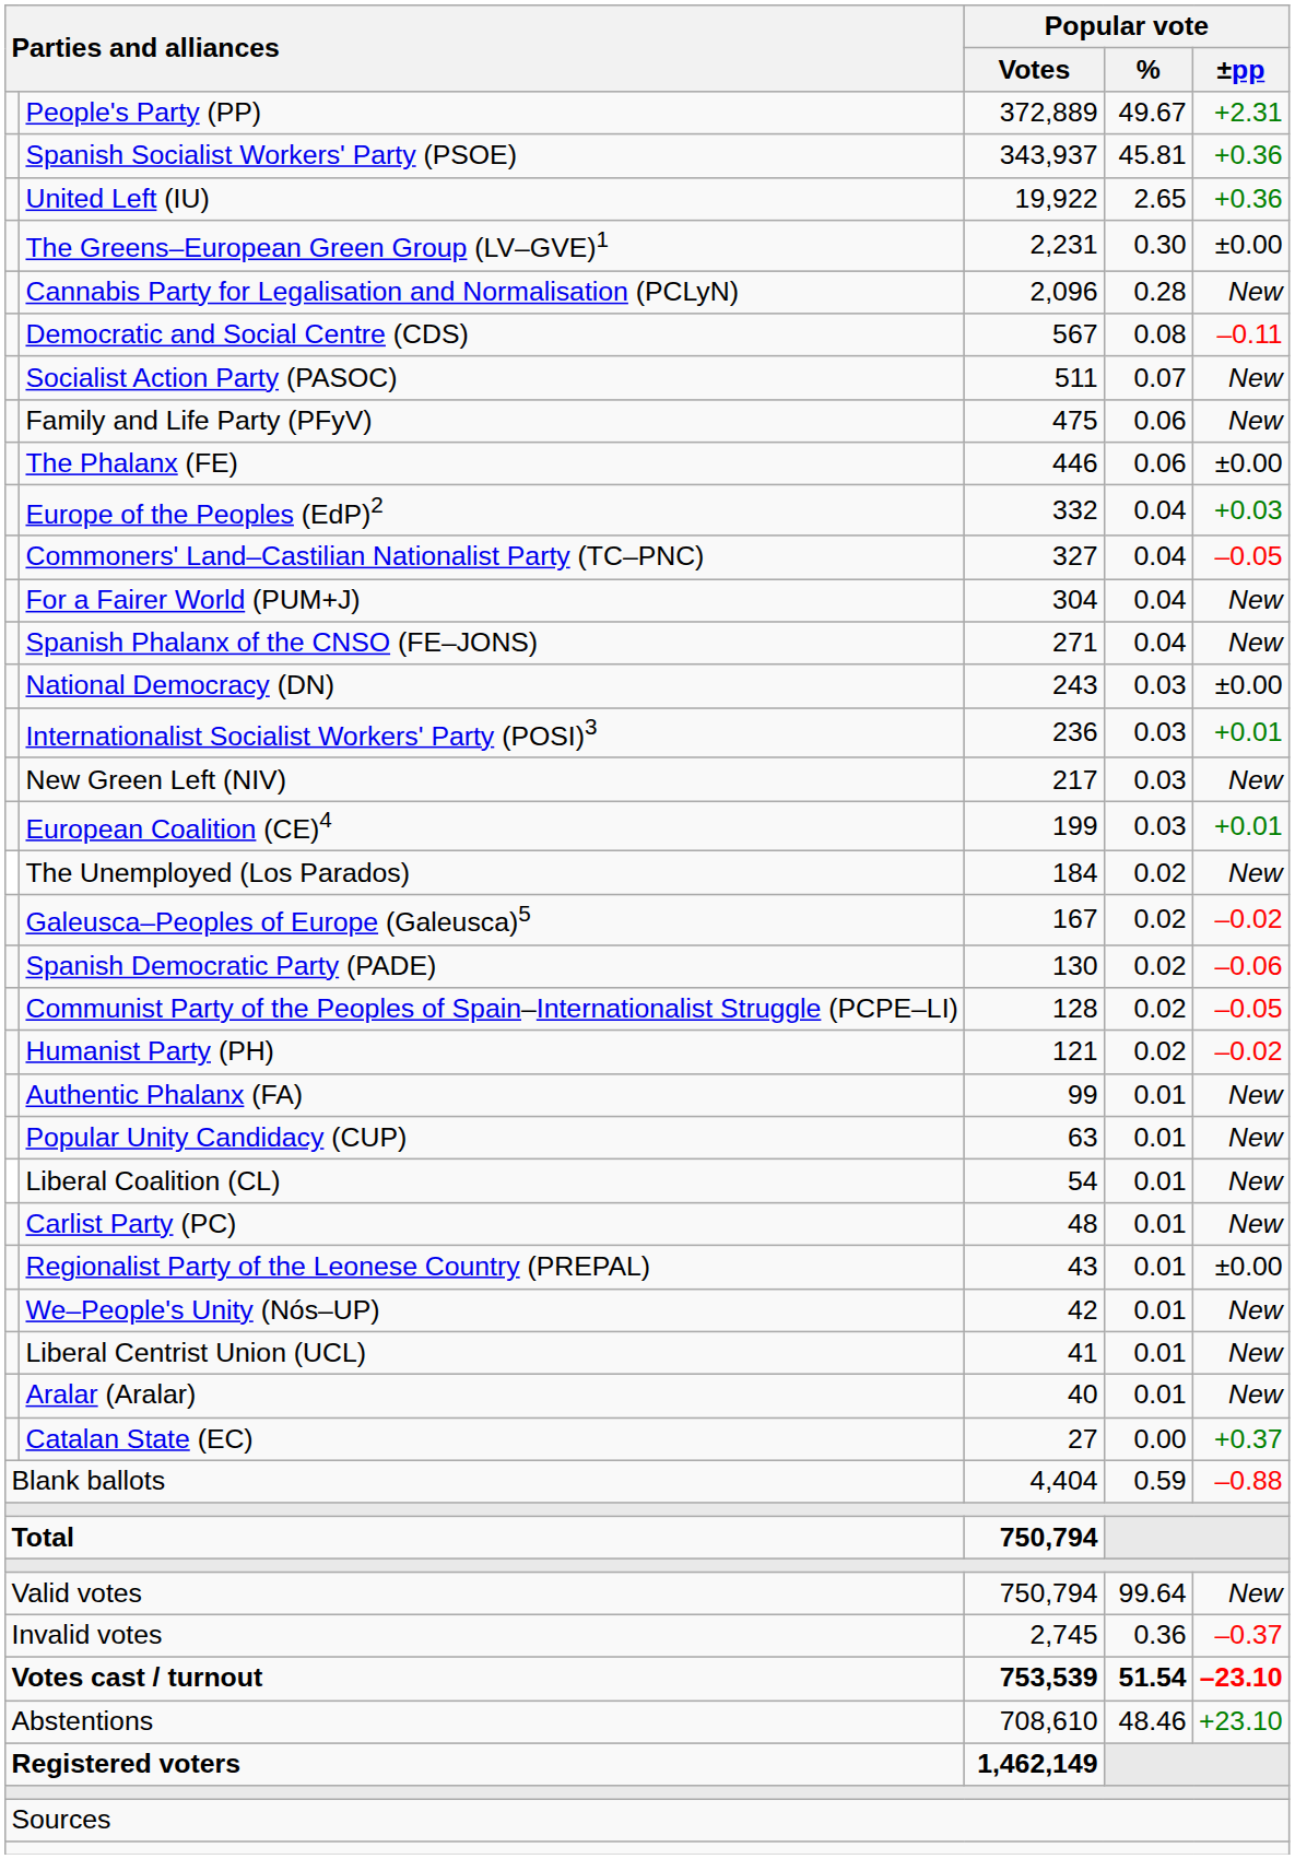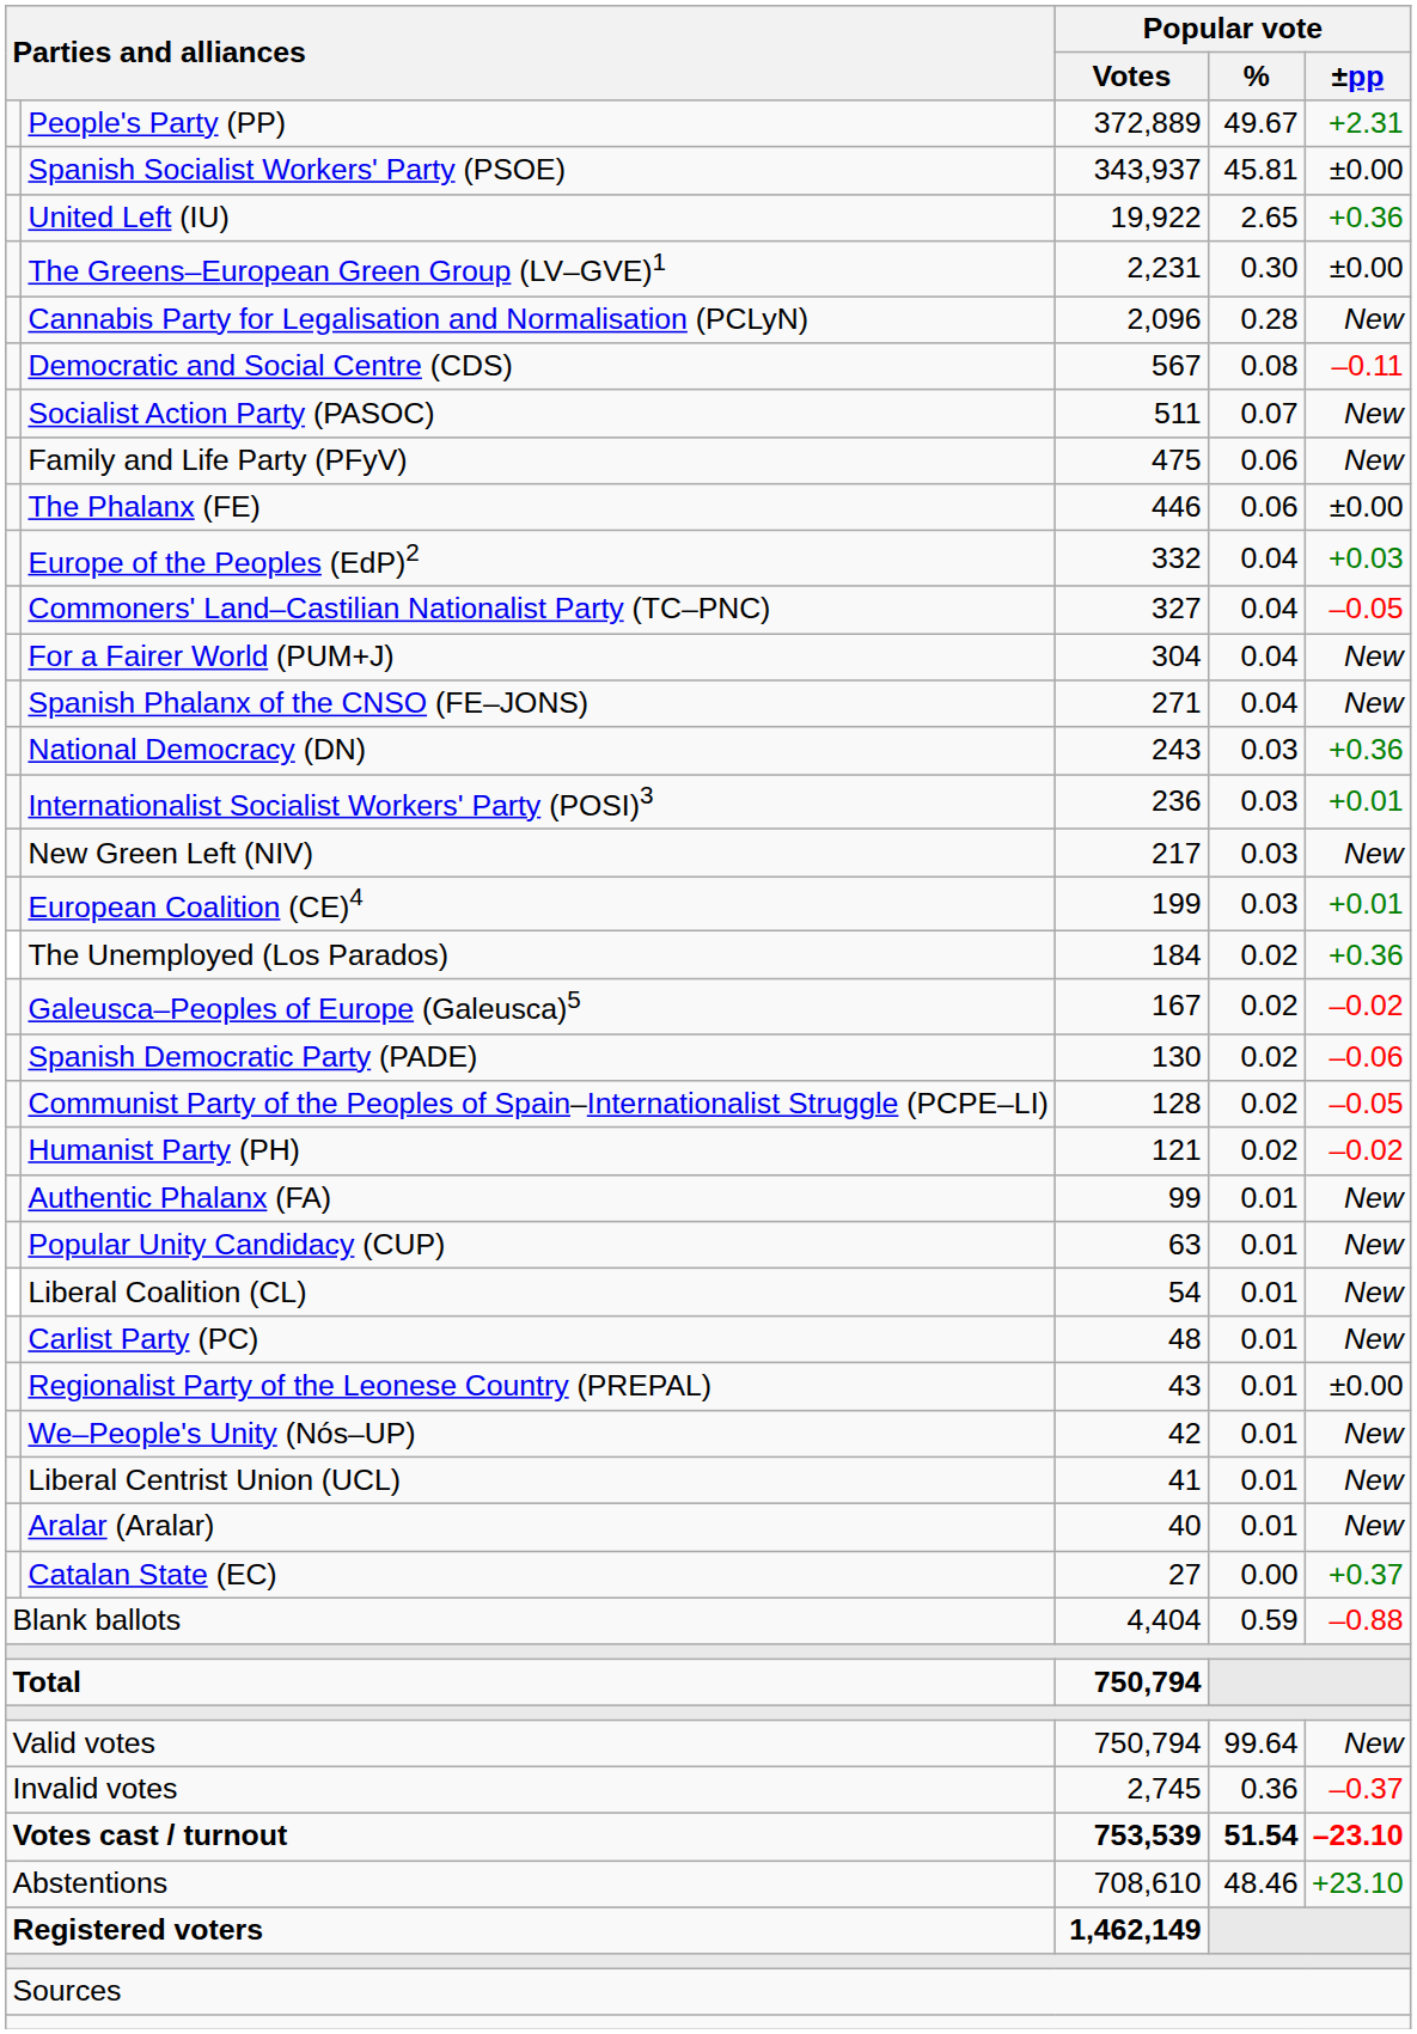 <table class="wikitable" style="text-align:right">
 <tr>
 <th style="text-align:left;" rowspan="2" colspan="2" width="525">Parties and alliances</th>
 <th colspan="3">Popular vote</th>
 </tr>
 <tr>
 <th width="75">Votes</th>
 <th width="45">%</th>
 <th width="45">±<a href='#'>pp</a></th>
 </tr>
 <tr>
 <td width="1" style="color:inherit;background:"></td>
 <td align="left"><a href='#'>People's Party</a> (PP)</td>
 <td>372,889</td>
 <td>49.67</td>
 <td style="color:green;">+2.31</td>
 </tr>
 <tr>
 <td style="color:inherit;background:"></td>
 <td align="left"><a href='#'>Spanish Socialist Workers' Party</a> (PSOE)</td>
 <td>343,937</td>
 <td>45.81</td>
-<td style="color:green;">+0.36</td>
+<td>±0.00</td>
 </tr>
 <tr>
 <td style="color:inherit;background:"></td>
 <td align="left"><a href='#'>United Left</a> (IU)</td>
 <td>19,922</td>
 <td>2.65</td>
 <td style="color:green;">+0.36</td>
 </tr>
 <tr>
 <td style="color:inherit;background:"></td>
 <td align="left"><a href='#'>The Greens–European Green Group</a> (LV–GVE)<sup>1</sup></td>
 <td>2,231</td>
 <td>0.30</td>
 <td>±0.00</td>
 </tr>
 <tr>
 <td style="color:inherit;background:"></td>
 <td align="left"><a href='#'>Cannabis Party for Legalisation and Normalisation</a> (PCLyN)</td>
 <td>2,096</td>
 <td>0.28</td>
 <td><em>New</em></td>
 </tr>
 <tr>
 <td style="color:inherit;background:"></td>
 <td align="left"><a href='#'>Democratic and Social Centre</a> (CDS)</td>
 <td>567</td>
 <td>0.08</td>
 <td style="color:red;">–0.11</td>
 </tr>
 <tr>
 <td style="color:inherit;background:"></td>
 <td align="left"><a href='#'>Socialist Action Party</a> (PASOC)</td>
 <td>511</td>
 <td>0.07</td>
 <td><em>New</em></td>
 </tr>
 <tr>
 <td style="color:inherit;background:"></td>
 <td align="left">Family and Life Party (PFyV)</td>
 <td>475</td>
 <td>0.06</td>
 <td><em>New</em></td>
 </tr>
 <tr>
 <td style="color:inherit;background:"></td>
 <td align="left"><a href='#'>The Phalanx</a> (FE)</td>
 <td>446</td>
 <td>0.06</td>
 <td>±0.00</td>
 </tr>
 <tr>
 <td style="color:inherit;background:"></td>
 <td align="left"><a href='#'>Europe of the Peoples</a> (EdP)<sup>2</sup></td>
 <td>332</td>
 <td>0.04</td>
 <td style="color:green;">+0.03</td>
 </tr>
 <tr>
 <td style="color:inherit;background:"></td>
 <td align="left"><a href='#'>Commoners' Land–Castilian Nationalist Party</a> (TC–PNC)</td>
 <td>327</td>
 <td>0.04</td>
 <td style="color:red;">–0.05</td>
 </tr>
 <tr>
 <td style="color:inherit;background:"></td>
 <td align="left"><a href='#'>For a Fairer World</a> (PUM+J)</td>
 <td>304</td>
 <td>0.04</td>
 <td><em>New</em></td>
 </tr>
 <tr>
 <td style="color:inherit;background:"></td>
 <td align="left"><a href='#'>Spanish Phalanx of the CNSO</a> (FE–JONS)</td>
 <td>271</td>
 <td>0.04</td>
 <td><em>New</em></td>
 </tr>
 <tr>
 <td style="color:inherit;background:"></td>
 <td align="left"><a href='#'>National Democracy</a> (DN)</td>
 <td>243</td>
 <td>0.03</td>
-<td>±0.00</td>
+<td style="color:green;">+0.36</td>
 </tr>
 <tr>
 <td style="color:inherit;background:"></td>
 <td align="left"><a href='#'>Internationalist Socialist Workers' Party</a> (POSI)<sup>3</sup></td>
 <td>236</td>
 <td>0.03</td>
 <td style="color:green;">+0.01</td>
 </tr>
 <tr>
 <td style="color:inherit;background:"></td>
 <td align="left">New Green Left (NIV)</td>
 <td>217</td>
 <td>0.03</td>
 <td><em>New</em></td>
 </tr>
 <tr>
 <td style="color:inherit;background:"></td>
 <td align="left"><a href='#'>European Coalition</a> (CE)<sup>4</sup></td>
 <td>199</td>
 <td>0.03</td>
 <td style="color:green;">+0.01</td>
 </tr>
 <tr>
 <td bgcolor="white"></td>
 <td align="left">The Unemployed (Los Parados)</td>
 <td>184</td>
 <td>0.02</td>
-<td><em>New</em></td>
+<td style="color:green;">+0.36</td>
 </tr>
 <tr>
 <td style="color:inherit;background:"></td>
 <td align="left"><a href='#'>Galeusca–Peoples of Europe</a> (Galeusca)<sup>5</sup></td>
 <td>167</td>
 <td>0.02</td>
 <td style="color:red;">–0.02</td>
 </tr>
 <tr>
 <td style="color:inherit;background:"></td>
 <td align="left"><a href='#'>Spanish Democratic Party</a> (PADE)</td>
 <td>130</td>
 <td>0.02</td>
 <td style="color:red;">–0.06</td>
 </tr>
 <tr>
 <td style="color:inherit;background:"></td>
 <td align="left"><a href='#'>Communist Party of the Peoples of Spain</a>–<a href='#'>Internationalist Struggle</a> (PCPE–LI)</td>
 <td>128</td>
 <td>0.02</td>
 <td style="color:red;">–0.05</td>
 </tr>
 <tr>
 <td style="color:inherit;background:"></td>
 <td align="left"><a href='#'>Humanist Party</a> (PH)</td>
 <td>121</td>
 <td>0.02</td>
 <td style="color:red;">–0.02</td>
 </tr>
 <tr>
 <td style="color:inherit;background:"></td>
 <td align="left"><a href='#'>Authentic Phalanx</a> (FA)</td>
 <td>99</td>
 <td>0.01</td>
 <td><em>New</em></td>
 </tr>
 <tr>
 <td style="color:inherit;background:"></td>
 <td align="left"><a href='#'>Popular Unity Candidacy</a> (CUP)</td>
 <td>63</td>
 <td>0.01</td>
 <td><em>New</em></td>
 </tr>
 <tr>
 <td bgcolor="white"></td>
 <td align="left">Liberal Coalition (CL)</td>
 <td>54</td>
 <td>0.01</td>
 <td><em>New</em></td>
 </tr>
 <tr>
 <td style="color:inherit;background:"></td>
 <td align="left"><a href='#'>Carlist Party</a> (PC)</td>
 <td>48</td>
 <td>0.01</td>
 <td><em>New</em></td>
 </tr>
 <tr>
 <td style="color:inherit;background:"></td>
 <td align="left"><a href='#'>Regionalist Party of the Leonese Country</a> (PREPAL)</td>
 <td>43</td>
 <td>0.01</td>
 <td>±0.00</td>
 </tr>
 <tr>
 <td style="color:inherit;background:"></td>
 <td align="left"><a href='#'>We–People's Unity</a> (Nós–UP)</td>
 <td>42</td>
 <td>0.01</td>
 <td><em>New</em></td>
 </tr>
 <tr>
 <td style="color:inherit;background:"></td>
 <td align="left">Liberal Centrist Union (UCL)</td>
 <td>41</td>
 <td>0.01</td>
 <td><em>New</em></td>
 </tr>
 <tr>
 <td style="color:inherit;background:"></td>
 <td align="left"><a href='#'>Aralar</a> (Aralar)</td>
 <td>40</td>
 <td>0.01</td>
 <td><em>New</em></td>
 </tr>
 <tr>
 <td style="color:inherit;background:"></td>
 <td align="left"><a href='#'>Catalan State</a> (EC)</td>
 <td>27</td>
 <td>0.00</td>
 <td style="color:green;">+0.37</td>
 </tr>
 <tr>
 <td align="left" colspan="2">Blank ballots</td>
 <td>4,404</td>
 <td>0.59</td>
 <td style="color:red;">–0.88</td>
 </tr>
 <tr>
 <td colspan="5" bgcolor="#E9E9E9"></td>
 </tr>
 <tr style="font-weight:bold;">
 <td align="left" colspan="2">Total</td>
 <td>750,794</td>
 <td bgcolor="#E9E9E9" colspan="2"></td>
 </tr>
 <tr>
 <td colspan="5" bgcolor="#E9E9E9"></td>
 </tr>
 <tr>
 <td align="left" colspan="2">Valid votes</td>
 <td>750,794</td>
 <td>99.64</td>
 <td><em>New</em></td>
 </tr>
 <tr>
 <td align="left" colspan="2">Invalid votes</td>
 <td>2,745</td>
 <td>0.36</td>
 <td style="color:red;">–0.37</td>
 </tr>
 <tr style="font-weight:bold;">
 <td align="left" colspan="2">Votes cast / turnout</td>
 <td>753,539</td>
 <td>51.54</td>
 <td style="color:red;">–23.10</td>
 </tr>
 <tr>
 <td align="left" colspan="2">Abstentions</td>
 <td>708,610</td>
 <td>48.46</td>
 <td style="color:green;">+23.10</td>
 </tr>
 <tr style="font-weight:bold;">
 <td align="left" colspan="2">Registered voters</td>
 <td>1,462,149</td>
 <td bgcolor="#E9E9E9" colspan="2"></td>
 </tr>
 <tr>
 <td colspan="5" bgcolor="#E9E9E9"></td>
 </tr>
 <tr>
 <td align="left" colspan="5">Sources</td>
 </tr>
 <tr>
 <td colspan="5" style="text-align:left; max-width:680px;"></td>
 </tr>
 </table>
